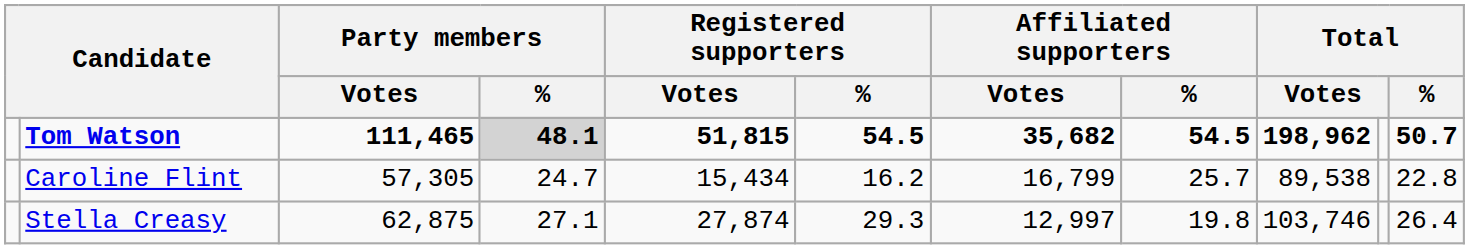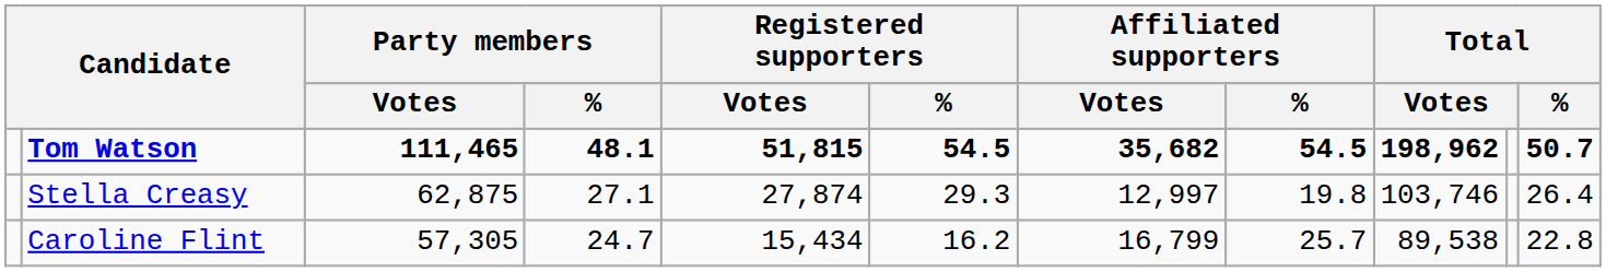 <table class="wikitable" style="font-size:95%;">
 <tr>
 <th colspan="2" scope="col" rowspan="2" width="125">Candidate</th>
 <th scope="col" colspan="2" width="150">Party members</th>
 <th scope="col" colspan="2" width="150">Registered supporters</th>
 <th scope="col" colspan="2" width="150">Affiliated supporters</th>
 <th scope="col" colspan="3" width="75">Total</th>
 </tr>
 <tr>
 <th>Votes</th>
 <th>%</th>
 <th>Votes</th>
 <th>%</th>
 <th>Votes</th>
 <th>%</th>
 <th scope="col" colspan="2">Votes</th>
 <th>%</th>
 </tr>
 <tr align="right">
 <td style="background-color: "></td>
 <td scope="row" align="left"><strong><a href='#'>Tom Watson</a></strong> </td>
 <td><strong>111,465</strong></td>
-<td style="background: lightgrey;"><strong>48.1</strong></td>
+<td><strong>48.1</strong></td>
 <td><strong>51,815</strong></td>
 <td><strong>54.5</strong></td>
 <td><strong>35,682</strong></td>
 <td><strong>54.5</strong></td>
 <td><strong>198,962</strong></td>
 <td align=center></td>
 <td><strong>50.7</strong></td>
+</tr>
+<tr align="right">
+<td style="background-color: "></td>
+<td scope="row" align="left"><a href='#'>Stella Creasy</a></td>
+<td>62,875</td>
+<td>27.1</td>
+<td>27,874</td>
+<td>29.3</td>
+<td>12,997</td>
+<td>19.8</td>
+<td>103,746</td>
+<td align=center></td>
+<td>26.4</td>
 </tr>
 <tr align="right">
 <td style="background-color: "></td>
 <td scope="row" align="left"><a href='#'>Caroline Flint</a></td>
 <td>57,305</td>
 <td>24.7</td>
 <td>15,434</td>
 <td>16.2</td>
 <td>16,799</td>
 <td>25.7</td>
 <td>89,538</td>
 <td align=center></td>
 <td>22.8</td>
 </tr>
-<tr align="right">
-<td style="background-color: "></td>
-<td scope="row" align="left"><a href='#'>Stella Creasy</a></td>
-<td>62,875</td>
-<td>27.1</td>
-<td>27,874</td>
-<td>29.3</td>
-<td>12,997</td>
-<td>19.8</td>
-<td>103,746</td>
-<td align=center></td>
-<td>26.4</td>
-</tr>
 </table>
